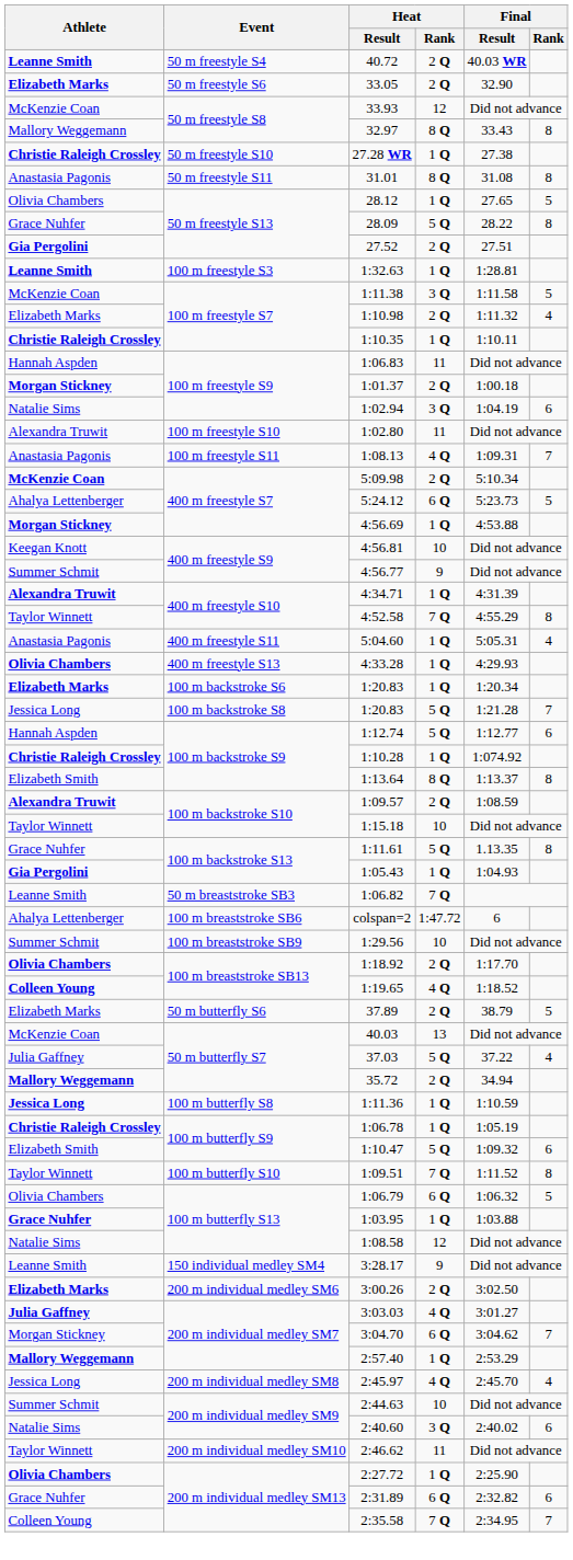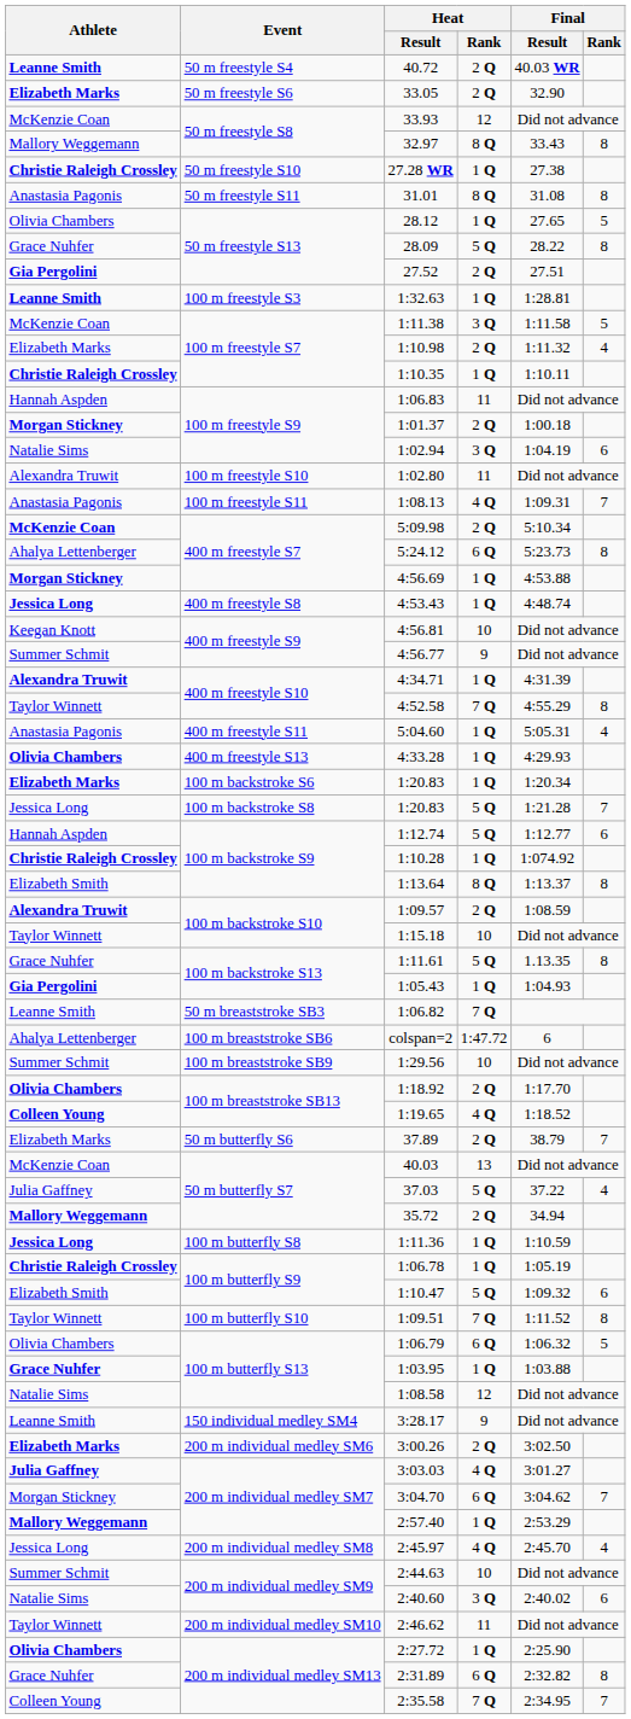 <table class=wikitable style=font-size:90%;text-align:center>
 <tr>
 <th rowspan=2>Athlete</th>
 <th rowspan=2>Event</th>
 <th colspan=2>Heat</th>
 <th colspan=2>Final</th>
 </tr>
 <tr style=font-size:95%>
 <th>Result</th>
 <th>Rank</th>
 <th>Result</th>
 <th>Rank</th>
 </tr>
 <tr>
 <td align=left><strong><a href='#'>Leanne Smith</a></strong></td>
 <td align=left><a href='#'>50 m freestyle S4</a></td>
 <td>40.72</td>
 <td>2 <strong>Q</strong></td>
 <td>40.03 <strong><a href='#'>WR</a></strong></td>
 <td></td>
 </tr>
 <tr>
 <td align=left><strong><a href='#'>Elizabeth Marks</a></strong></td>
 <td align=left><a href='#'>50 m freestyle S6</a></td>
 <td>33.05</td>
 <td>2 <strong>Q</strong></td>
 <td>32.90 </td>
 <td></td>
 </tr>
 <tr>
 <td align=left><a href='#'>McKenzie Coan</a></td>
 <td align=left rowspan=2><a href='#'>50 m freestyle S8</a></td>
 <td>33.93</td>
 <td>12</td>
 <td colspan=2>Did not advance</td>
 </tr>
 <tr>
 <td align=left><a href='#'>Mallory Weggemann</a></td>
 <td>32.97</td>
 <td>8 <strong>Q</strong></td>
 <td>33.43</td>
 <td>8</td>
 </tr>
 <tr>
 <td align=left><strong><a href='#'>Christie Raleigh Crossley</a></strong></td>
 <td align=left><a href='#'>50 m freestyle S10</a></td>
 <td>27.28 <strong><a href='#'>WR</a></strong></td>
 <td>1 <strong>Q</strong></td>
 <td>27.38</td>
 <td></td>
 </tr>
 <tr>
 <td align=left><a href='#'>Anastasia Pagonis</a></td>
 <td align=left><a href='#'>50 m freestyle S11</a></td>
 <td>31.01</td>
 <td>8 <strong>Q</strong></td>
 <td>31.08</td>
 <td>8</td>
 </tr>
 <tr>
 <td align=left><a href='#'>Olivia Chambers</a></td>
 <td align=left rowspan=3><a href='#'>50 m freestyle S13</a></td>
 <td>28.12</td>
 <td>1 <strong>Q</strong></td>
 <td>27.65</td>
 <td>5</td>
 </tr>
 <tr>
 <td align=left><a href='#'>Grace Nuhfer</a></td>
 <td>28.09</td>
 <td>5 <strong>Q</strong></td>
 <td>28.22</td>
 <td>8</td>
 </tr>
 <tr>
 <td align=left><strong><a href='#'>Gia Pergolini</a></strong></td>
 <td>27.52</td>
 <td>2 <strong>Q</strong></td>
 <td>27.51</td>
 <td></td>
 </tr>
 <tr>
 <td align=left><strong><a href='#'>Leanne Smith</a></strong></td>
 <td align=left><a href='#'>100 m freestyle S3</a></td>
 <td>1:32.63</td>
 <td>1 <strong>Q</strong></td>
 <td>1:28.81 </td>
 <td></td>
 </tr>
 <tr>
 <td align=left><a href='#'>McKenzie Coan</a></td>
 <td align=left rowspan=3><a href='#'>100 m freestyle S7</a></td>
 <td>1:11.38</td>
 <td>3 <strong>Q</strong></td>
 <td>1:11.58</td>
 <td>5</td>
 </tr>
 <tr>
 <td align=left><a href='#'>Elizabeth Marks</a></td>
 <td>1:10.98 </td>
 <td>2 <strong>Q</strong></td>
 <td>1:11.32</td>
 <td>4</td>
 </tr>
 <tr>
 <td align=left><strong><a href='#'>Christie Raleigh Crossley</a></strong></td>
 <td>1:10.35</td>
 <td>1 <strong>Q</strong></td>
 <td>1:10.11</td>
 <td></td>
 </tr>
 <tr>
 <td align=left><a href='#'>Hannah Aspden</a></td>
 <td align=left rowspan=3><a href='#'>100 m freestyle S9</a></td>
 <td>1:06.83</td>
 <td>11</td>
 <td colspan=2>Did not advance</td>
 </tr>
 <tr>
 <td align=left><strong><a href='#'>Morgan Stickney</a></strong></td>
 <td>1:01.37</td>
 <td>2 <strong>Q</strong></td>
 <td>1:00.18 </td>
 <td></td>
 </tr>
 <tr>
 <td align=left><a href='#'>Natalie Sims</a></td>
 <td>1:02.94</td>
 <td>3 <strong>Q</strong></td>
 <td>1:04.19</td>
 <td>6</td>
 </tr>
 <tr>
 <td align=left><a href='#'>Alexandra Truwit</a></td>
 <td align=left><a href='#'>100 m freestyle S10</a></td>
 <td>1:02.80</td>
 <td>11</td>
 <td colspan=2>Did not advance</td>
 </tr>
 <tr>
 <td align=left><a href='#'>Anastasia Pagonis</a></td>
 <td align=left><a href='#'>100 m freestyle S11</a></td>
 <td>1:08.13</td>
 <td>4 <strong>Q</strong></td>
 <td>1:09.31</td>
 <td>7</td>
 </tr>
 <tr>
 <td align=left><strong><a href='#'>McKenzie Coan</a></strong></td>
 <td align=left rowspan=3><a href='#'>400 m freestyle S7</a></td>
 <td>5:09.98</td>
 <td>2 <strong>Q</strong></td>
 <td>5:10.34</td>
 <td></td>
 </tr>
 <tr>
 <td align=left><a href='#'>Ahalya Lettenberger</a></td>
 <td>5:24.12</td>
 <td>6 <strong>Q</strong></td>
 <td>5:23.73</td>
-<td>5</td>
+<td>8</td>
 </tr>
 <tr>
 <td align=left><strong><a href='#'>Morgan Stickney</a></strong></td>
 <td>4:56.69 </td>
 <td>1 <strong>Q</strong></td>
 <td>4:53.88 </td>
+<td></td>
+</tr>
+<tr>
+<td align=left><strong><a href='#'>Jessica Long</a></strong></td>
+<td align=left><a href='#'>400 m freestyle S8</a></td>
+<td>4:53.43</td>
+<td>1 <strong>Q</strong></td>
+<td>4:48.74</td>
 <td></td>
 </tr>
 <tr>
 <td align=left><a href='#'>Keegan Knott</a></td>
 <td align=left rowspan=2><a href='#'>400 m freestyle S9</a></td>
 <td>4:56.81</td>
 <td>10</td>
 <td colspan=2>Did not advance</td>
 </tr>
 <tr>
 <td align=left><a href='#'>Summer Schmit</a></td>
 <td>4:56.77</td>
 <td>9</td>
 <td colspan=2>Did not advance</td>
 </tr>
 <tr>
 <td align=left><strong><a href='#'>Alexandra Truwit</a></strong></td>
 <td align=left rowspan=2><a href='#'>400 m freestyle S10</a></td>
 <td>4:34.71</td>
 <td>1 <strong>Q</strong></td>
 <td>4:31.39</td>
 <td></td>
 </tr>
 <tr>
 <td align=left><a href='#'>Taylor Winnett</a></td>
 <td>4:52.58</td>
 <td>7 <strong>Q</strong></td>
 <td>4:55.29</td>
 <td>8</td>
 </tr>
 <tr>
 <td align=left><a href='#'>Anastasia Pagonis</a></td>
 <td align=left><a href='#'>400 m freestyle S11</a></td>
 <td>5:04.60</td>
 <td>1 <strong>Q</strong></td>
 <td>5:05.31</td>
 <td>4</td>
 </tr>
 <tr>
 <td align=left><strong><a href='#'>Olivia Chambers</a></strong></td>
 <td align=left><a href='#'>400 m freestyle S13</a></td>
 <td>4:33.28</td>
 <td>1 <strong>Q</strong></td>
 <td>4:29.93</td>
 <td></td>
 </tr>
 <tr>
 <td align=left><strong><a href='#'>Elizabeth Marks</a></strong></td>
 <td align=left><a href='#'>100 m backstroke S6</a></td>
 <td>1:20.83</td>
 <td>1 <strong>Q</strong></td>
 <td>1:20.34</td>
 <td></td>
 </tr>
 <tr>
 <td align=left><a href='#'>Jessica Long</a></td>
 <td align=left><a href='#'>100 m backstroke S8</a></td>
 <td>1:20.83</td>
 <td>5 <strong>Q</strong></td>
 <td>1:21.28</td>
 <td>7</td>
 </tr>
 <tr>
 <td align=left><a href='#'>Hannah Aspden</a></td>
 <td align=left rowspan=3><a href='#'>100 m backstroke S9</a></td>
 <td>1:12.74</td>
 <td>5 <strong>Q</strong></td>
 <td>1:12.77</td>
 <td>6</td>
 </tr>
 <tr>
 <td align=left><strong><a href='#'>Christie Raleigh Crossley</a></strong></td>
 <td>1:10.28</td>
 <td>1 <strong>Q</strong></td>
 <td>1:074.92 </td>
 <td></td>
 </tr>
 <tr>
 <td align=left><a href='#'>Elizabeth Smith</a></td>
 <td>1:13.64</td>
 <td>8 <strong>Q</strong></td>
 <td>1:13.37</td>
 <td>8</td>
 </tr>
 <tr>
 <td align=left><strong><a href='#'>Alexandra Truwit</a></strong></td>
 <td align=left rowspan=2><a href='#'>100 m backstroke S10</a></td>
 <td>1:09.57</td>
 <td>2 <strong>Q</strong></td>
 <td>1:08.59</td>
 <td></td>
 </tr>
 <tr>
 <td align=left><a href='#'>Taylor Winnett</a></td>
 <td>1:15.18</td>
 <td>10</td>
 <td colspan=2>Did not advance</td>
 </tr>
 <tr>
 <td align=left><a href='#'>Grace Nuhfer</a></td>
 <td align=left rowspan=2><a href='#'>100 m backstroke S13</a></td>
 <td>1:11.61</td>
 <td>5 <strong>Q</strong></td>
 <td>1.13.35</td>
 <td>8</td>
 </tr>
 <tr>
 <td align=left><strong><a href='#'>Gia Pergolini</a></strong></td>
 <td>1:05.43</td>
 <td>1 <strong>Q</strong></td>
 <td>1:04.93</td>
 <td></td>
 </tr>
 <tr>
 <td align=left><a href='#'>Leanne Smith</a></td>
 <td align=left><a href='#'>50 m breaststroke SB3</a></td>
 <td>1:06.82</td>
 <td>7 <strong>Q</strong></td>
 <td colspan=2></td>
 </tr>
 <tr>
 <td align=left><a href='#'>Ahalya Lettenberger</a></td>
 <td align=left><a href='#'>100 m breaststroke SB6</a></td>
 <td>colspan=2 </td>
 <td>1:47.72</td>
 <td>6</td>
 </tr>
 <tr>
 <td align=left><a href='#'>Summer Schmit</a></td>
 <td align=left><a href='#'>100 m breaststroke SB9</a></td>
 <td>1:29.56</td>
 <td>10</td>
 <td colspan=2>Did not advance</td>
 </tr>
 <tr>
 <td align=left><strong><a href='#'>Olivia Chambers</a></strong></td>
 <td align=left rowspan=2><a href='#'>100 m breaststroke SB13</a></td>
 <td>1:18.92</td>
 <td>2 <strong>Q</strong></td>
 <td>1:17.70</td>
 <td></td>
 </tr>
 <tr>
 <td align=left><strong><a href='#'>Colleen Young</a></strong></td>
 <td>1:19.65</td>
 <td>4 <strong>Q</strong></td>
 <td>1:18.52</td>
 <td></td>
 </tr>
 <tr>
 <td align=left><a href='#'>Elizabeth Marks</a></td>
 <td align=left><a href='#'>50 m butterfly S6</a></td>
 <td>37.89</td>
 <td>2 <strong>Q</strong></td>
 <td>38.79</td>
-<td>5</td>
+<td>7</td>
 </tr>
 <tr>
 <td align=left><a href='#'>McKenzie Coan</a></td>
 <td align=left rowspan=3><a href='#'>50 m butterfly S7</a></td>
 <td>40.03</td>
 <td>13</td>
 <td colspan=2>Did not advance</td>
 </tr>
 <tr>
 <td align=left><a href='#'>Julia Gaffney</a></td>
 <td>37.03</td>
 <td>5 <strong>Q</strong></td>
 <td>37.22</td>
 <td>4</td>
 </tr>
 <tr>
 <td align=left><strong><a href='#'>Mallory Weggemann</a></strong></td>
 <td>35.72</td>
 <td>2 <strong>Q</strong></td>
 <td>34.94</td>
 <td></td>
 </tr>
 <tr>
 <td align=left><strong><a href='#'>Jessica Long</a></strong></td>
 <td align=left><a href='#'>100 m butterfly S8</a></td>
 <td>1:11.36</td>
 <td>1 <strong>Q</strong></td>
 <td>1:10.59</td>
 <td></td>
 </tr>
 <tr>
 <td align=left><strong><a href='#'>Christie Raleigh Crossley</a></strong></td>
 <td align=left rowspan=2><a href='#'>100 m butterfly S9</a></td>
 <td>1:06.78</td>
 <td>1 <strong>Q</strong></td>
 <td>1:05.19 </td>
 <td></td>
 </tr>
 <tr>
 <td align=left><a href='#'>Elizabeth Smith</a></td>
 <td>1:10.47</td>
 <td>5 <strong>Q</strong></td>
 <td>1:09.32</td>
 <td>6</td>
 </tr>
 <tr>
 <td align=left><a href='#'>Taylor Winnett</a></td>
 <td align=left><a href='#'>100 m butterfly S10</a></td>
 <td>1:09.51</td>
 <td>7 <strong>Q</strong></td>
 <td>1:11.52</td>
 <td>8</td>
 </tr>
 <tr>
 <td align=left><a href='#'>Olivia Chambers</a></td>
 <td align=left rowspan=3><a href='#'>100 m butterfly S13</a></td>
 <td>1:06.79</td>
 <td>6 <strong>Q</strong></td>
 <td>1:06.32</td>
 <td>5</td>
 </tr>
 <tr>
 <td align=left><strong><a href='#'>Grace Nuhfer</a></strong></td>
 <td>1:03.95</td>
 <td>1 <strong>Q</strong></td>
 <td>1:03.88</td>
 <td></td>
 </tr>
 <tr>
 <td align=left><a href='#'>Natalie Sims</a></td>
 <td>1:08.58</td>
 <td>12</td>
 <td colspan=2>Did not advance</td>
 </tr>
 <tr>
 <td align=left><a href='#'>Leanne Smith</a></td>
 <td align=left><a href='#'>150 individual medley SM4</a></td>
 <td>3:28.17</td>
 <td>9</td>
 <td colspan=2>Did not advance</td>
 </tr>
 <tr>
 <td align=left><strong><a href='#'>Elizabeth Marks</a></strong></td>
 <td align=left><a href='#'>200 m individual medley SM6</a></td>
 <td>3:00.26</td>
 <td>2 <strong>Q</strong></td>
 <td>3:02.50</td>
 <td></td>
 </tr>
 <tr>
 <td align=left><strong><a href='#'>Julia Gaffney</a></strong></td>
 <td align=left rowspan=3><a href='#'>200 m individual medley SM7</a></td>
 <td>3:03.03</td>
 <td>4 <strong>Q</strong></td>
 <td>3:01.27</td>
 <td></td>
 </tr>
 <tr>
 <td align=left><a href='#'>Morgan Stickney</a></td>
 <td>3:04.70</td>
 <td>6 <strong>Q</strong></td>
 <td>3:04.62</td>
 <td>7</td>
 </tr>
 <tr>
 <td align=left><strong><a href='#'>Mallory Weggemann</a></strong></td>
 <td>2:57.40</td>
 <td>1 <strong>Q</strong></td>
 <td>2:53.29 </td>
 <td></td>
 </tr>
 <tr>
 <td align=left><a href='#'>Jessica Long</a></td>
 <td align=left><a href='#'>200 m individual medley SM8</a></td>
 <td>2:45.97</td>
 <td>4 <strong>Q</strong></td>
 <td>2:45.70</td>
 <td>4</td>
 </tr>
 <tr>
 <td align=left><a href='#'>Summer Schmit</a></td>
 <td align=left rowspan=2><a href='#'>200 m individual medley SM9</a></td>
 <td>2:44.63</td>
 <td>10</td>
 <td colspan=2>Did not advance</td>
 </tr>
 <tr>
 <td align=left><a href='#'>Natalie Sims</a></td>
 <td>2:40.60</td>
 <td>3 <strong>Q</strong></td>
 <td>2:40.02</td>
 <td>6</td>
 </tr>
 <tr>
 <td align=left><a href='#'>Taylor Winnett</a></td>
 <td align=left><a href='#'>200 m individual medley SM10</a></td>
 <td>2:46.62</td>
 <td>11</td>
 <td colspan=2>Did not advance</td>
 </tr>
 <tr>
 <td align=left><strong><a href='#'>Olivia Chambers</a></strong></td>
 <td align=left rowspan=3><a href='#'>200 m individual medley SM13</a></td>
 <td>2:27.72</td>
 <td>1 <strong>Q</strong></td>
 <td>2:25.90</td>
 <td></td>
 </tr>
 <tr>
 <td align=left><a href='#'>Grace Nuhfer</a></td>
 <td>2:31.89</td>
 <td>6 <strong>Q</strong></td>
 <td>2:32.82</td>
-<td>6</td>
+<td>8</td>
 </tr>
 <tr>
 <td align=left><a href='#'>Colleen Young</a></td>
 <td>2:35.58</td>
 <td>7 <strong>Q</strong></td>
 <td>2:34.95</td>
 <td>7</td>
 </tr>
 </table>
